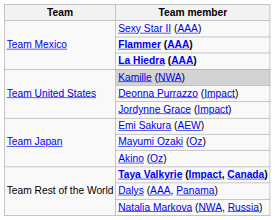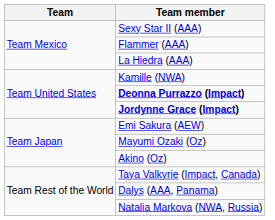 <table class="wikitable sortable">
 <tr>
 <th>Team</th>
 <th>Team member</th>
 </tr>
 <tr>
 <td rowspan=3><a href='#'>Team Mexico</a></td>
 <td><a href='#'>Sexy Star II</a> (<a href='#'>AAA</a>)</td>
 </tr>
 <tr>
-<td><strong><a href='#'>Flammer</a> (<a href='#'>AAA</a>)</strong></td>
+<td><a href='#'>Flammer</a> (<a href='#'>AAA</a>)</td>
 </tr>
 <tr>
-<td><strong><a href='#'>La Hiedra</a> (<a href='#'>AAA</a>)</strong></td>
+<td><a href='#'>La Hiedra</a> (<a href='#'>AAA</a>)</td>
 </tr>
 <tr>
 <td rowspan=3><a href='#'>Team United States</a></td>
-<td style="background: lightgrey;"><a href='#'>Kamille</a> (<a href='#'>NWA</a>)</td>
+<td><a href='#'>Kamille</a> (<a href='#'>NWA</a>)</td>
 </tr>
 <tr>
-<td><a href='#'>Deonna Purrazzo</a> (<a href='#'>Impact</a>)</td>
+<td><strong><a href='#'>Deonna Purrazzo</a> (<a href='#'>Impact</a>)</strong></td>
 </tr>
 <tr>
-<td><a href='#'>Jordynne Grace</a> (<a href='#'>Impact</a>)</td>
+<td><strong><a href='#'>Jordynne Grace</a> (<a href='#'>Impact</a>)</strong></td>
 </tr>
 <tr>
 <td rowspan=3><a href='#'>Team Japan</a></td>
 <td><a href='#'>Emi Sakura</a> (<a href='#'>AEW</a>)</td>
 </tr>
 <tr>
 <td><a href='#'>Mayumi Ozaki</a> (<a href='#'>Oz</a>)</td>
 </tr>
 <tr>
 <td><a href='#'>Akino</a> (<a href='#'>Oz</a>)</td>
 </tr>
 <tr>
 <td rowspan=3>Team Rest of the World</td>
-<td><strong><a href='#'>Taya Valkyrie</a> (<a href='#'>Impact</a>, <a href='#'>Canada</a>)</strong></td>
+<td><a href='#'>Taya Valkyrie</a> (<a href='#'>Impact</a>, <a href='#'>Canada</a>)</td>
 </tr>
 <tr>
 <td><a href='#'>Dalys</a> (<a href='#'>AAA</a>, <a href='#'>Panama</a>)</td>
 </tr>
 <tr>
 <td><a href='#'>Natalia Markova</a> (<a href='#'>NWA</a>, <a href='#'>Russia</a>)</td>
 </tr>
 </table>
